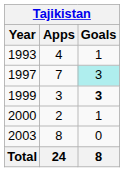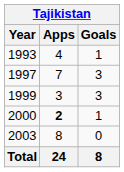 <table class="wikitable" style="text-align:center">
 <tr>
 <th colspan=3><a href='#'>Tajikistan</a></th>
 </tr>
 <tr>
 <th>Year</th>
 <th>Apps</th>
 <th>Goals</th>
 </tr>
 <tr>
 <td>1993</td>
 <td>4</td>
 <td>1</td>
 </tr>
 <tr>
 <td>1997</td>
 <td>7</td>
-<td style="background: paleturquoise;">3</td>
+<td>3</td>
 </tr>
 <tr>
 <td>1999</td>
 <td>3</td>
-<td><strong>3</strong></td>
+<td>3</td>
 </tr>
 <tr>
 <td>2000</td>
-<td>2</td>
+<td><strong>2</strong></td>
 <td>1</td>
 </tr>
 <tr>
 <td>2003</td>
 <td>8</td>
 <td>0</td>
 </tr>
 <tr>
 <th>Total</th>
 <th>24</th>
 <th>8</th>
 </tr>
 </table>
